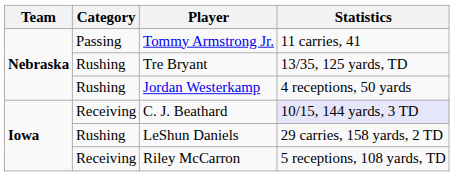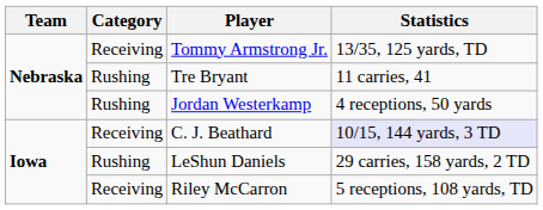 <table class="wikitable" style="float: left;">
 <tr>
 <th>Team</th>
 <th>Category</th>
 <th>Player</th>
 <th>Statistics</th>
 </tr>
 <tr>
 <td rowspan=3><strong>Nebraska</strong></td>
-<td>Passing</td>
+<td>Receiving</td>
 <td><a href='#'>Tommy Armstrong Jr.</a></td>
-<td>11 carries, 41</td>
+<td>13/35, 125 yards, TD</td>
 </tr>
 <tr>
 <td>Rushing</td>
 <td>Tre Bryant</td>
-<td>13/35, 125 yards, TD</td>
+<td>11 carries, 41</td>
 </tr>
 <tr>
 <td>Rushing</td>
 <td><a href='#'>Jordan Westerkamp</a></td>
 <td>4 receptions, 50 yards</td>
 </tr>
 <tr>
 <td rowspan=3><strong>Iowa</strong></td>
 <td>Receiving</td>
 <td>C. J. Beathard</td>
 <td style="background: lavender;">10/15, 144 yards, 3 TD</td>
 </tr>
 <tr>
 <td>Rushing</td>
 <td>LeShun Daniels</td>
 <td>29 carries, 158 yards, 2 TD</td>
 </tr>
 <tr>
 <td>Receiving</td>
 <td>Riley McCarron</td>
 <td>5 receptions, 108 yards, TD</td>
 </tr>
 </table>
